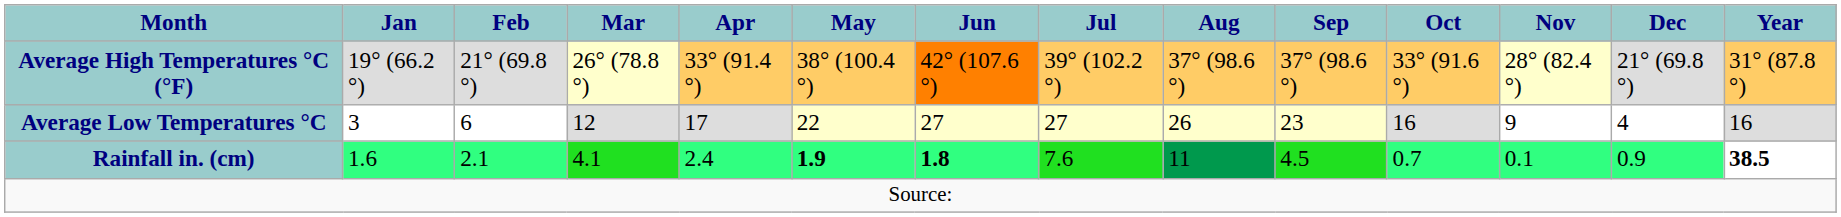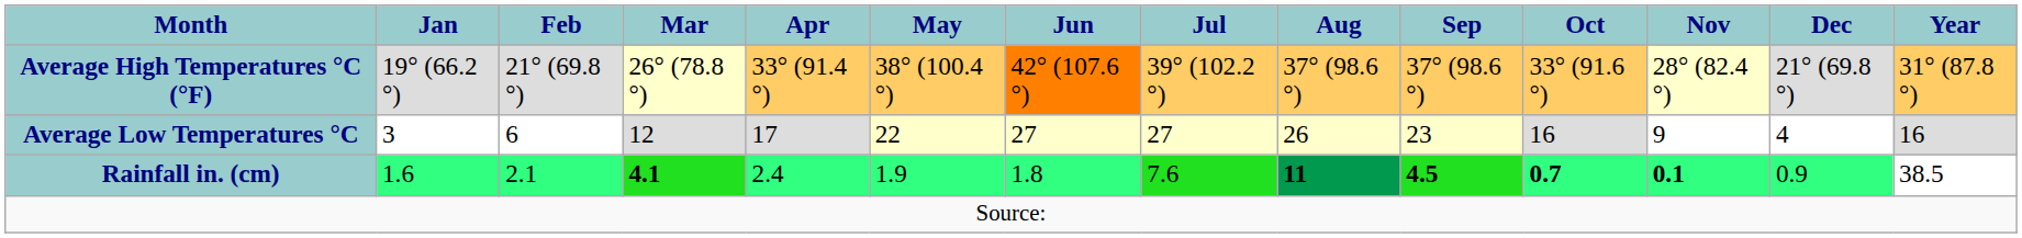 <table class="wikitable" style="margin:1em auto;">
 <tr>
 <th style="background:#9cc; color:navy; height:17px;">Month</th>
 <th style="background:#9cc; color:navy;">Jan</th>
 <th style="background:#9cc; color:navy;">Feb</th>
 <th style="background:#9cc; color:navy;">Mar</th>
 <th style="background:#9cc; color:navy;">Apr</th>
 <th style="background:#9cc; color:navy;">May</th>
 <th style="background:#9cc; color:navy;">Jun</th>
 <th style="background:#9cc; color:navy;">Jul</th>
 <th style="background:#9cc; color:navy;">Aug</th>
 <th style="background:#9cc; color:navy;">Sep</th>
 <th style="background:#9cc; color:navy;">Oct</th>
 <th style="background:#9cc; color:navy;">Nov</th>
 <th style="background:#9cc; color:navy;">Dec</th>
 <th style="background:#9cc; color:navy;">Year</th>
 </tr>
 <tr>
 <th style="background:#9cc; color:navy;">Average High Temperatures °C (°F)</th>
 <td style="background:#ddd; color:black;">19° (66.2 °)</td>
 <td style="background:#ddd; color:black;">21° (69.8 °)</td>
 <td style="background:#ffc; color:black;">26° (78.8 °)</td>
 <td style="background:#fc6; color:black;">33° (91.4 °)</td>
 <td style="background:#fc6; color:black;">38° (100.4 °)</td>
 <td style="background: #FF8000; color:black;">42° (107.6 °)</td>
 <td style="background:#fc6; color:black;">39° (102.2 °)</td>
 <td style="background:#fc6; color:black;">37° (98.6 °)</td>
 <td style="background:#fc6; color:black;">37° (98.6 °)</td>
 <td style="background:#fc6; color:black;">33° (91.6 °)</td>
 <td style="background:#ffc; color:black;">28° (82.4 °)</td>
 <td style="background:#ddd; color:black;">21° (69.8 °)</td>
 <td style="background:#fc6; color:black;">31° (87.8 °)</td>
 </tr>
 <tr>
 <th style="background:#9cc; color:navy; height:16px;">Average Low Temperatures °C</th>
 <td style="background:#fff; color:black;">3</td>
 <td style="background:#fff; color:black;">6</td>
 <td style="background:#ddd; color:black;">12</td>
 <td style="background:#ddd; color:black;">17</td>
 <td style="background:#ffc; color:black;">22</td>
 <td style="background:#ffc; color:black;">27</td>
 <td style="background:#ffc; color:black;">27</td>
 <td style="background:#ffc; color:black;">26</td>
 <td style="background:#ffc; color:black;">23</td>
 <td style="background:#ddd; color:black;">16</td>
 <td style="background:#fff; color:black;">9</td>
 <td style="background:#fff; color:black;">4</td>
 <td style="background:#ddd; color:black;">16</td>
 </tr>
 <tr>
 <th style="background:#9cc; color:navy;">Rainfall in. (cm)</th>
 <td style="background: #30FF80;">1.6</td>
 <td style="background: #30FF80;">2.1</td>
-<td style="background: #20E020;">4.1</td>
+<td style="background: #20E020;"><strong>4.1</strong></td>
 <td style="background: #30FF80;">2.4</td>
-<td style="background: #30FF80;"><strong>1.9</strong></td>
-<td style="background: #30FF80;"><strong>1.8</strong></td>
+<td style="background: #30FF80;">1.9</td>
+<td style="background: #30FF80;">1.8</td>
 <td style="background: #20E020;">7.6</td>
-<td style="background: #00994D;">11</td>
-<td style="background: #20E020;">4.5</td>
-<td style="background: #30FF80;">0.7</td>
-<td style="background: #30FF80;">0.1</td>
+<td style="background: #00994D;"><strong>11</strong></td>
+<td style="background: #20E020;"><strong>4.5</strong></td>
+<td style="background: #30FF80;"><strong>0.7</strong></td>
+<td style="background: #30FF80;"><strong>0.1</strong></td>
 <td style="background: #30FF80;">0.9</td>
-<td style="background:#fff;"><strong>38.5</strong></td>
+<td style="background:#fff;">38.5</td>
 </tr>
 <tr>
 <td colspan="14" style="text-align:center;font-size:90%;">Source: </td>
 </tr>
 </table>
